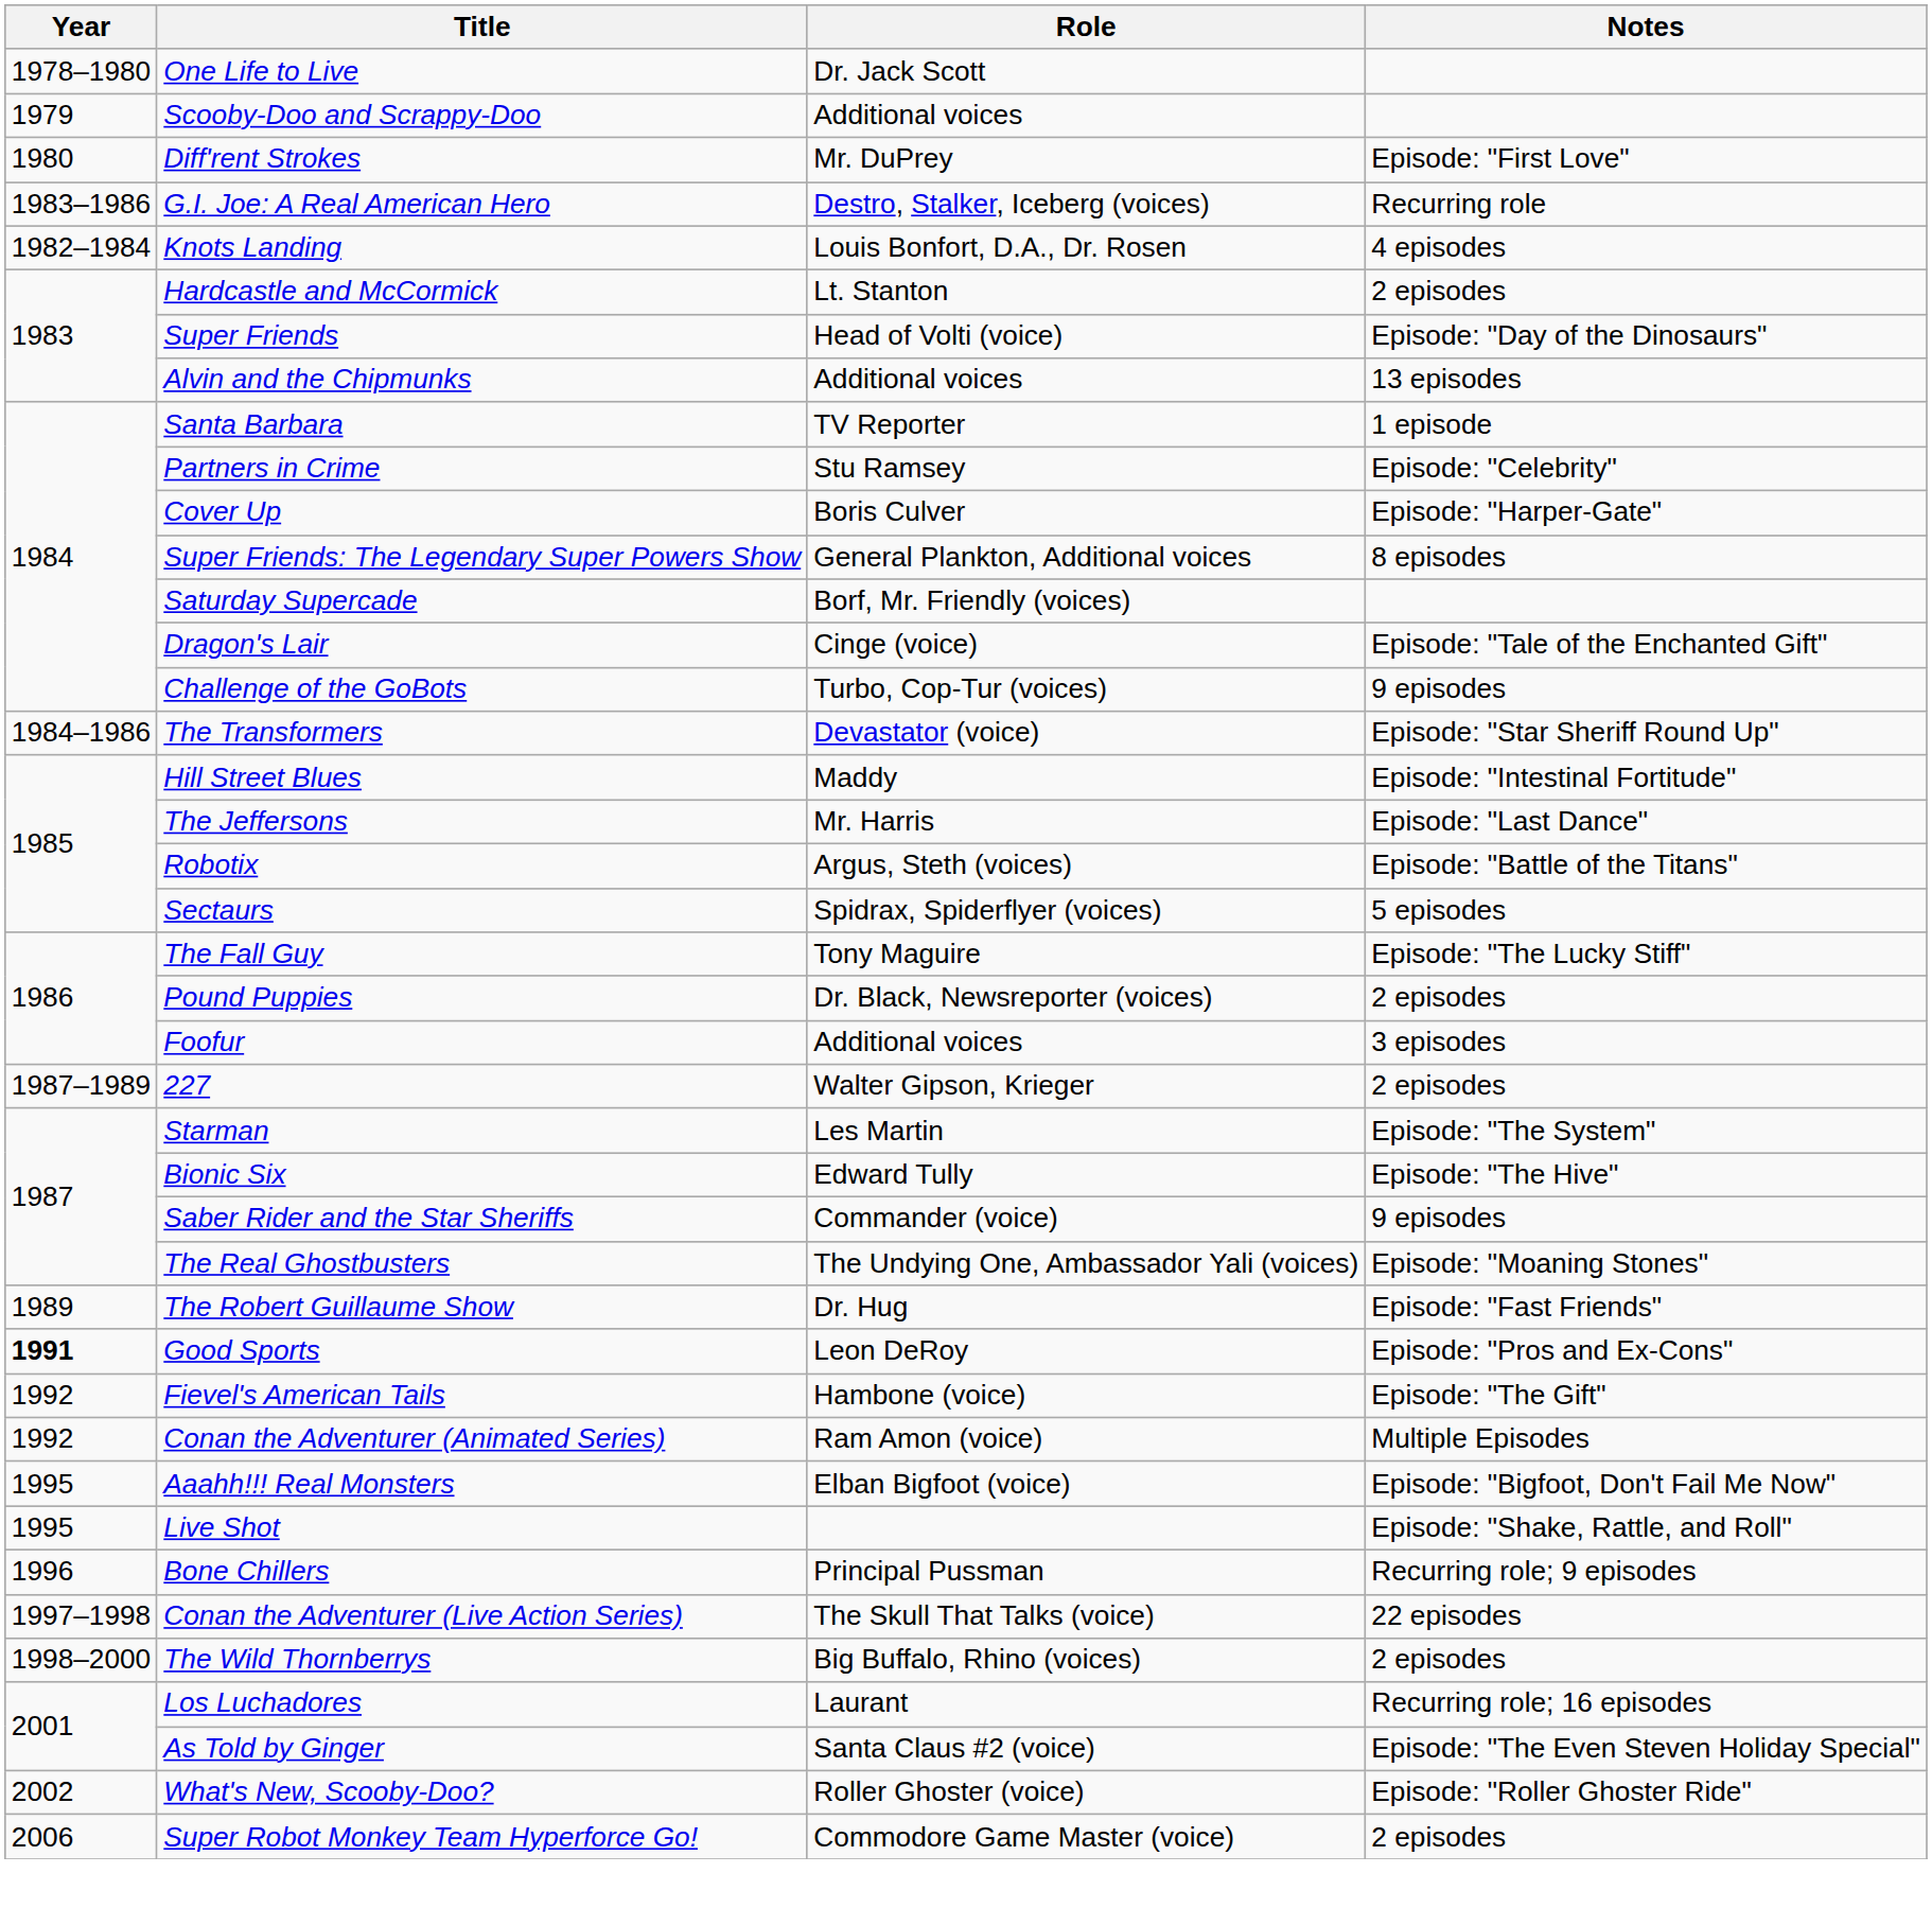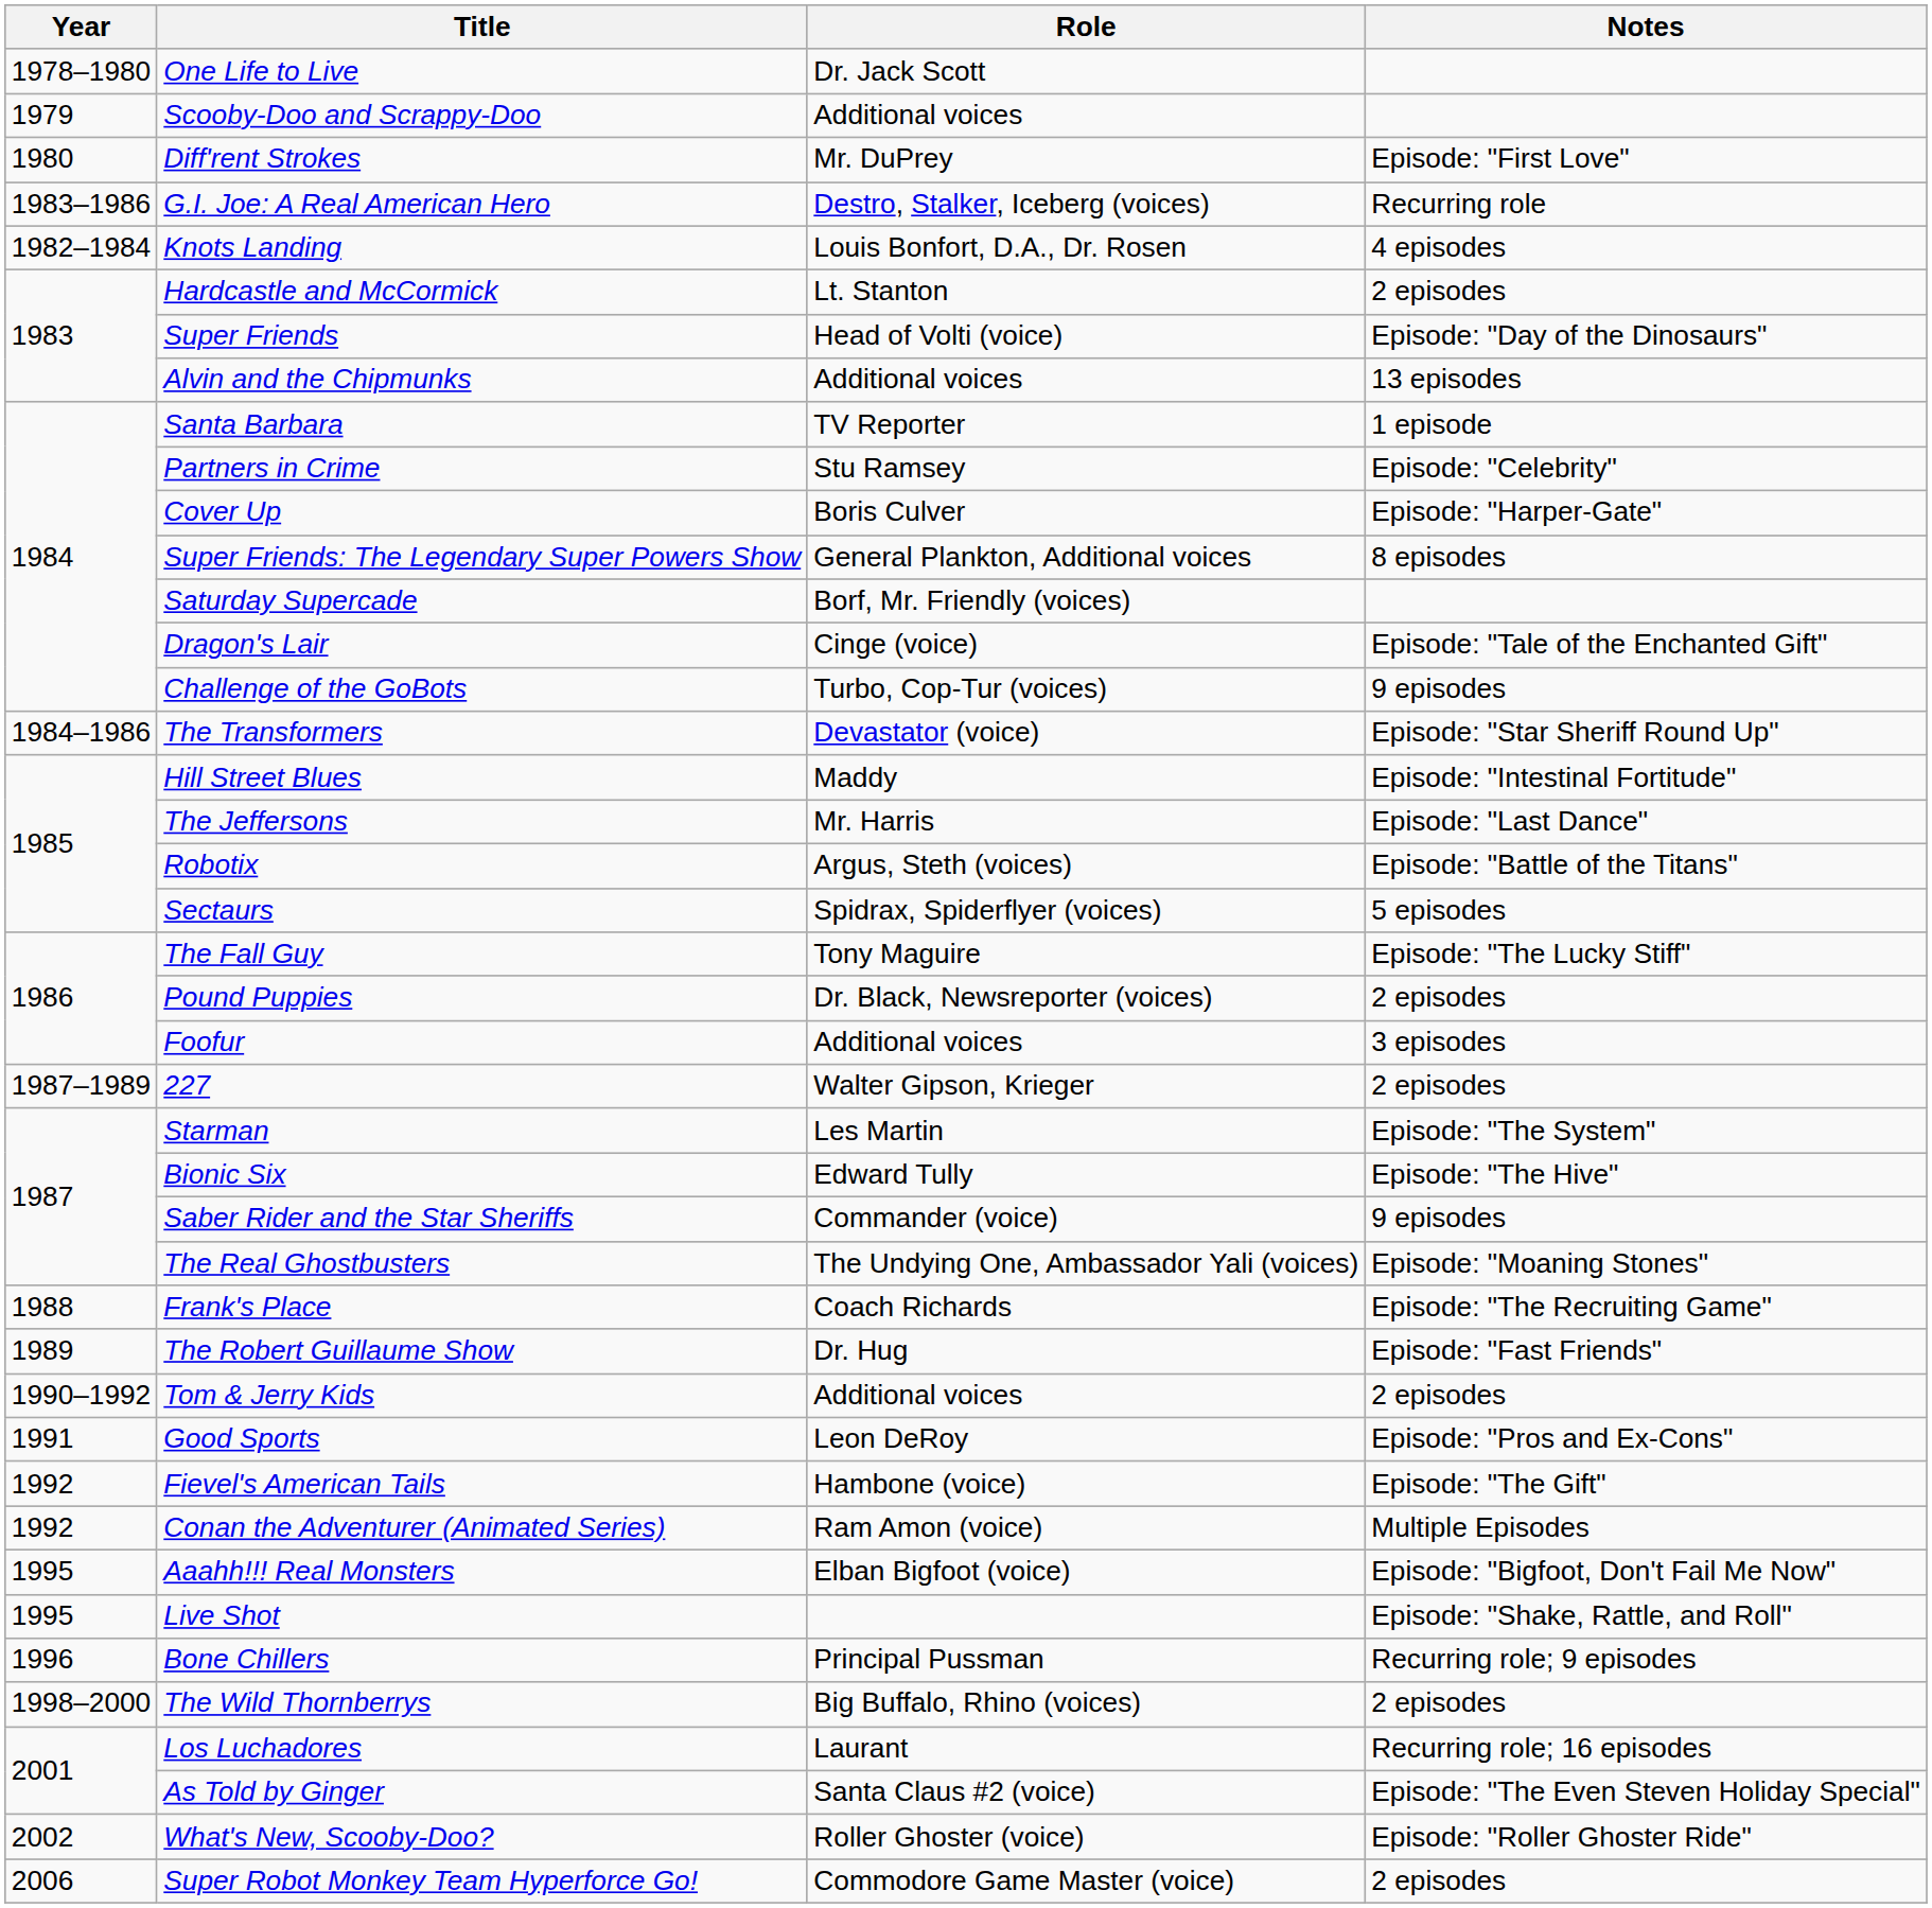 <table class="wikitable sortable plainrowheaders" style="white-space:nowrap">
 <tr>
 <th>Year</th>
 <th>Title</th>
 <th>Role</th>
 <th>Notes</th>
 </tr>
 <tr>
 <td>1978–1980</td>
 <td><em><a href='#'>One Life to Live</a></em></td>
 <td>Dr. Jack Scott</td>
 <td></td>
 </tr>
 <tr>
 <td>1979</td>
 <td><em><a href='#'>Scooby-Doo and Scrappy-Doo</a></em></td>
 <td>Additional voices</td>
 <td></td>
 </tr>
 <tr>
 <td>1980</td>
 <td><em><a href='#'>Diff'rent Strokes</a></em></td>
 <td>Mr. DuPrey</td>
 <td>Episode: "First Love"</td>
 </tr>
 <tr>
 <td>1983–1986</td>
 <td><em><a href='#'>G.I. Joe: A Real American Hero</a></em></td>
 <td><a href='#'>Destro</a>, <a href='#'>Stalker</a>, Iceberg (voices)</td>
 <td>Recurring role</td>
 </tr>
 <tr>
 <td>1982–1984</td>
 <td><em><a href='#'>Knots Landing</a></em></td>
 <td>Louis Bonfort, D.A., Dr. Rosen</td>
 <td>4 episodes</td>
 </tr>
 <tr>
 <td rowspan="3">1983</td>
 <td><em><a href='#'>Hardcastle and McCormick</a></em></td>
 <td>Lt. Stanton</td>
 <td>2 episodes</td>
 </tr>
 <tr>
 <td><em><a href='#'>Super Friends</a></em></td>
 <td>Head of Volti (voice)</td>
 <td>Episode: "Day of the Dinosaurs"</td>
 </tr>
 <tr>
 <td><em><a href='#'>Alvin and the Chipmunks</a></em></td>
 <td>Additional voices</td>
 <td>13 episodes</td>
 </tr>
 <tr>
 <td rowspan="7">1984</td>
 <td><em><a href='#'>Santa Barbara</a></em></td>
 <td>TV Reporter</td>
 <td>1 episode</td>
 </tr>
 <tr>
 <td><em><a href='#'>Partners in Crime</a></em></td>
 <td>Stu Ramsey</td>
 <td>Episode: "Celebrity"</td>
 </tr>
 <tr>
 <td><em><a href='#'>Cover Up</a></em></td>
 <td>Boris Culver</td>
 <td>Episode: "Harper-Gate"</td>
 </tr>
 <tr>
 <td><em><a href='#'>Super Friends: The Legendary Super Powers Show</a></em></td>
 <td>General Plankton, Additional voices</td>
 <td>8 episodes</td>
 </tr>
 <tr>
 <td><em><a href='#'>Saturday Supercade</a></em></td>
 <td>Borf, Mr. Friendly (voices)</td>
 <td></td>
 </tr>
 <tr>
 <td><em><a href='#'>Dragon's Lair</a></em></td>
 <td>Cinge (voice)</td>
 <td>Episode: "Tale of the Enchanted Gift"</td>
 </tr>
 <tr>
 <td><em><a href='#'>Challenge of the GoBots</a></em></td>
 <td>Turbo, Cop-Tur (voices)</td>
 <td>9 episodes</td>
 </tr>
 <tr>
 <td>1984–1986</td>
 <td><em><a href='#'>The Transformers</a></em></td>
 <td><a href='#'>Devastator</a> (voice)</td>
 <td>Episode: "Star Sheriff Round Up"</td>
 </tr>
 <tr>
 <td rowspan="4">1985</td>
 <td><em><a href='#'>Hill Street Blues</a></em></td>
 <td>Maddy</td>
 <td>Episode: "Intestinal Fortitude"</td>
 </tr>
 <tr>
 <td><em><a href='#'>The Jeffersons</a></em></td>
 <td>Mr. Harris</td>
 <td>Episode: "Last Dance"</td>
 </tr>
 <tr>
 <td><em><a href='#'>Robotix</a></em></td>
 <td>Argus, Steth (voices)</td>
 <td>Episode: "Battle of the Titans"</td>
 </tr>
 <tr>
 <td><em><a href='#'>Sectaurs</a></em></td>
 <td>Spidrax, Spiderflyer (voices)</td>
 <td>5 episodes</td>
 </tr>
 <tr>
 <td rowspan="3">1986</td>
 <td><em><a href='#'>The Fall Guy</a></em></td>
 <td>Tony Maguire</td>
 <td>Episode: "The Lucky Stiff"</td>
 </tr>
 <tr>
 <td><em><a href='#'>Pound Puppies</a></em></td>
 <td>Dr. Black, Newsreporter (voices)</td>
 <td>2 episodes</td>
 </tr>
 <tr>
 <td><em><a href='#'>Foofur</a></em></td>
 <td>Additional voices</td>
 <td>3 episodes</td>
 </tr>
 <tr>
 <td>1987–1989</td>
 <td><em><a href='#'>227</a></em></td>
 <td>Walter Gipson, Krieger</td>
 <td>2 episodes</td>
 </tr>
 <tr>
 <td rowspan="4">1987</td>
 <td><em><a href='#'>Starman</a></em></td>
 <td>Les Martin</td>
 <td>Episode: "The System"</td>
 </tr>
 <tr>
 <td><em><a href='#'>Bionic Six</a></em></td>
 <td>Edward Tully</td>
 <td>Episode: "The Hive"</td>
 </tr>
 <tr>
 <td><em><a href='#'>Saber Rider and the Star Sheriffs</a></em></td>
 <td>Commander (voice)</td>
 <td>9 episodes</td>
 </tr>
 <tr>
 <td><em><a href='#'>The Real Ghostbusters</a></em></td>
 <td>The Undying One, Ambassador Yali (voices)</td>
 <td>Episode: "Moaning Stones"</td>
 </tr>
 <tr>
+<td>1988</td>
+<td><em><a href='#'>Frank's Place</a></em></td>
+<td>Coach Richards</td>
+<td>Episode: "The Recruiting Game"</td>
+</tr>
+<tr>
 <td>1989</td>
 <td><em><a href='#'>The Robert Guillaume Show</a></em></td>
 <td>Dr. Hug</td>
 <td>Episode: "Fast Friends"</td>
 </tr>
 <tr>
-<td><strong>1991</strong></td>
+<td>1990–1992</td>
+<td><em><a href='#'>Tom & Jerry Kids</a></em></td>
+<td>Additional voices</td>
+<td>2 episodes</td>
+</tr>
+<tr>
+<td>1991</td>
 <td><em><a href='#'>Good Sports</a></em></td>
 <td>Leon DeRoy</td>
 <td>Episode: "Pros and Ex-Cons"</td>
 </tr>
 <tr>
 <td>1992</td>
 <td><em><a href='#'>Fievel's American Tails</a></em></td>
 <td>Hambone (voice)</td>
 <td>Episode: "The Gift"</td>
 </tr>
 <tr>
 <td>1992</td>
 <td><em><a href='#'>Conan the Adventurer (Animated Series)</a></em></td>
 <td>Ram Amon (voice)</td>
 <td>Multiple Episodes</td>
 </tr>
 <tr>
 <td>1995</td>
 <td><em><a href='#'>Aaahh!!! Real Monsters</a></em></td>
 <td>Elban Bigfoot (voice)</td>
 <td>Episode: "Bigfoot, Don't Fail Me Now"</td>
 </tr>
 <tr>
 <td>1995</td>
 <td><em><a href='#'>Live Shot</a></em></td>
 <td></td>
 <td>Episode: "Shake, Rattle, and Roll"</td>
 </tr>
 <tr>
 <td>1996</td>
 <td><em><a href='#'>Bone Chillers</a></em></td>
 <td>Principal Pussman</td>
 <td>Recurring role; 9 episodes</td>
 </tr>
 <tr>
-<td>1997–1998</td>
-<td><em><a href='#'>Conan the Adventurer (Live Action Series)</a></em></td>
-<td>The Skull That Talks (voice)</td>
-<td>22 episodes</td>
-</tr>
-<tr>
 <td>1998–2000</td>
 <td><em><a href='#'>The Wild Thornberrys</a></em></td>
 <td>Big Buffalo, Rhino (voices)</td>
 <td>2 episodes</td>
 </tr>
 <tr>
 <td rowspan="2">2001</td>
 <td><em><a href='#'>Los Luchadores</a></em></td>
 <td>Laurant</td>
 <td>Recurring role; 16 episodes</td>
 </tr>
 <tr>
 <td><em><a href='#'>As Told by Ginger</a></em></td>
 <td>Santa Claus #2 (voice)</td>
 <td>Episode: "The Even Steven Holiday Special"</td>
 </tr>
 <tr>
 <td>2002</td>
 <td><em><a href='#'>What's New, Scooby-Doo?</a></em></td>
 <td>Roller Ghoster (voice)</td>
 <td>Episode: "Roller Ghoster Ride"</td>
 </tr>
 <tr>
 <td>2006</td>
 <td><em><a href='#'>Super Robot Monkey Team Hyperforce Go!</a></em></td>
 <td>Commodore Game Master (voice)</td>
 <td>2 episodes</td>
 </tr>
 </table>
